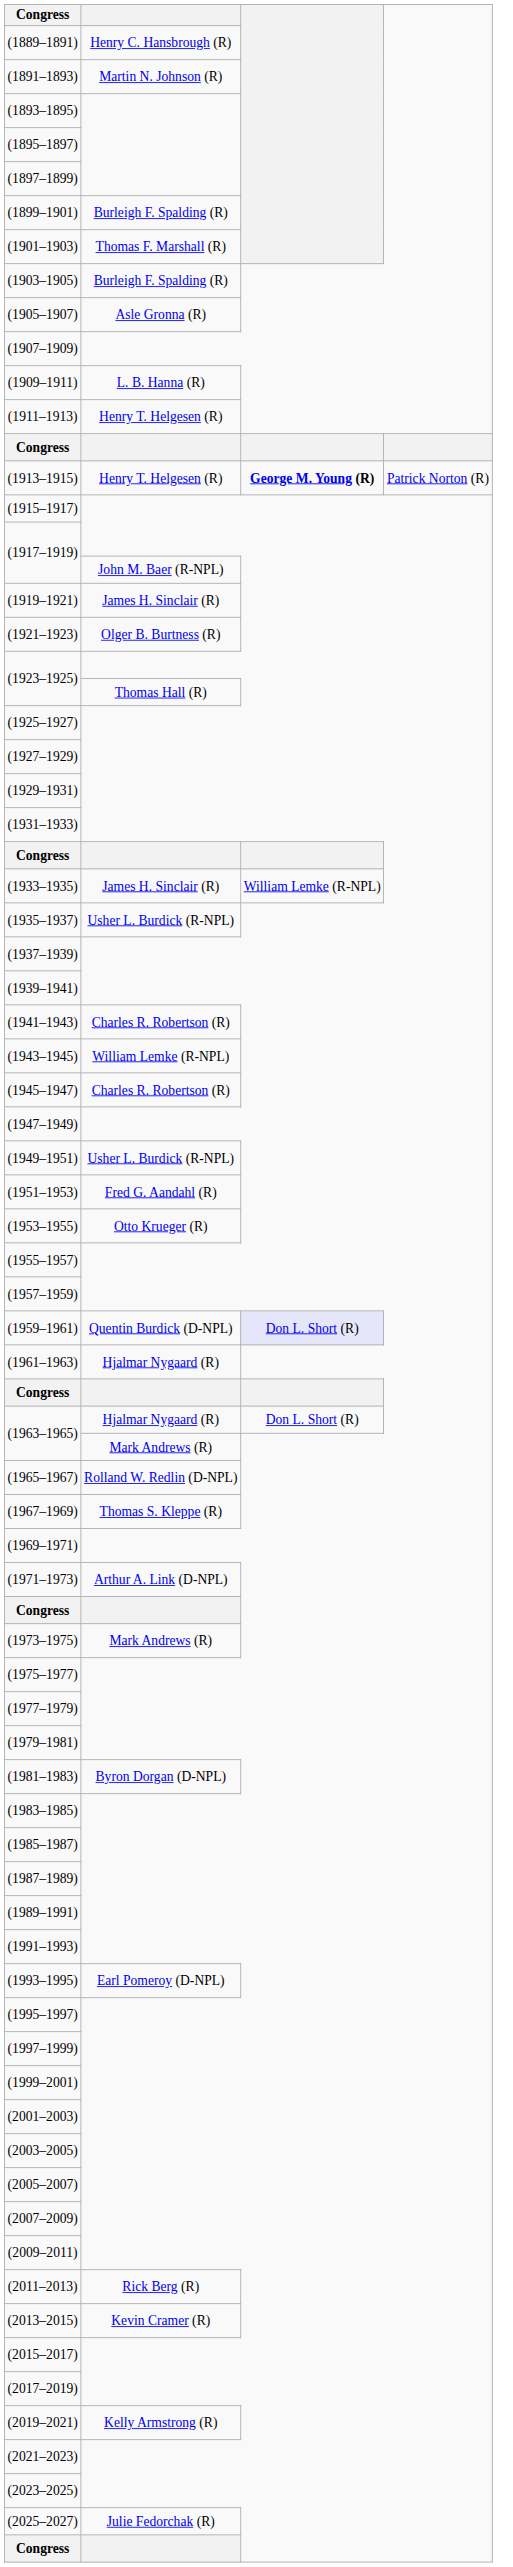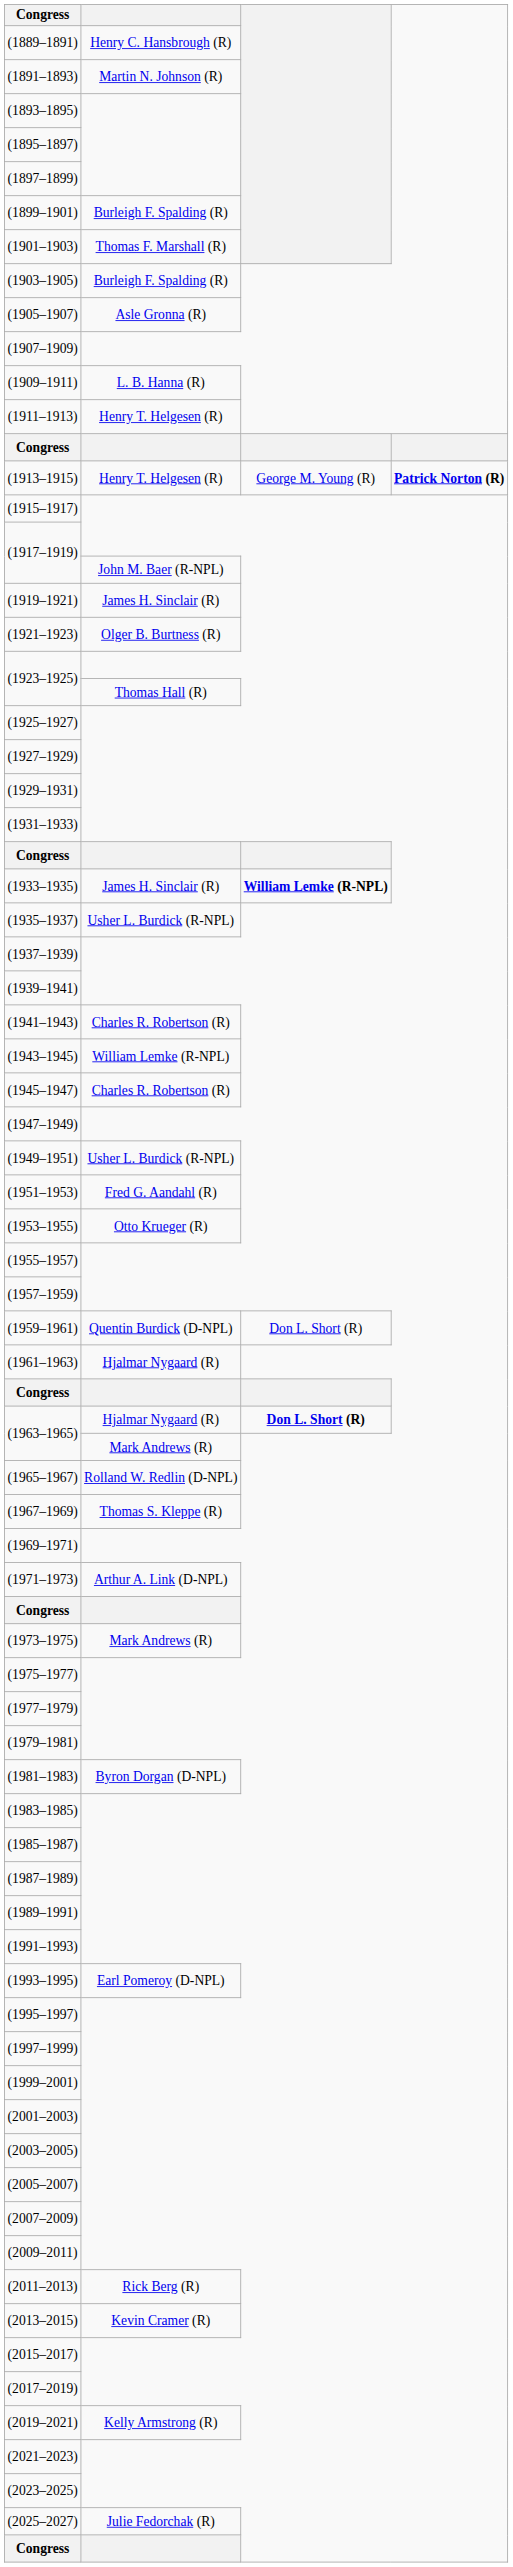 <table class=wikitable style="text-align:center">
 <tr>
 <th>Congress</th>
 <th></th>
 <th valign=bottom rowspan=8></th>
 </tr>
 <tr style="height:2.5em">
 <td><strong></strong> (1889–1891)</td>
 <td><a href='#'>Henry C. Hansbrough</a> (R)</td>
 </tr>
 <tr style="height:2.5em">
 <td><strong></strong> (1891–1893)</td>
 <td><a href='#'>Martin N. Johnson</a> (R)</td>
 </tr>
 <tr style="height:2.5em">
 <td><strong></strong> (1893–1895)</td>
 </tr>
 <tr style="height:2.5em">
 <td><strong></strong> (1895–1897)</td>
 </tr>
 <tr style="height:2.5em">
 <td><strong></strong> (1897–1899)</td>
 </tr>
 <tr style="height:2.5em">
 <td><strong></strong> (1899–1901)</td>
 <td><a href='#'>Burleigh F. Spalding</a> (R)</td>
 </tr>
 <tr style="height:2.5em">
 <td><strong></strong> (1901–1903)</td>
 <td><a href='#'>Thomas F. Marshall</a> (R)</td>
 </tr>
 <tr style="height:2.5em">
 <td><strong></strong> (1903–1905)</td>
 <td><a href='#'>Burleigh F. Spalding</a> (R)</td>
 </tr>
 <tr style="height:2.5em">
 <td><strong></strong> (1905–1907)</td>
 <td><a href='#'>Asle Gronna</a> (R)</td>
 </tr>
 <tr style="height:2.5em">
 <td><strong></strong> (1907–1909)</td>
 </tr>
 <tr style="height:2.5em">
 <td><strong></strong> (1909–1911)</td>
 <td><a href='#'>L. B. Hanna</a> (R)</td>
 </tr>
 <tr style="height:2.5em">
 <td><strong></strong> (1911–1913)</td>
 <td><a href='#'>Henry T. Helgesen</a> (R)</td>
 </tr>
 <tr style="height:2em">
 <th>Congress</th>
 <th></th>
 <th></th>
 <th></th>
 </tr>
 <tr style="height:2.5em">
 <td><strong></strong> (1913–1915)</td>
 <td><a href='#'>Henry T. Helgesen</a> (R)</td>
-<td><strong><a href='#'>George M. Young</a> (R)</strong></td>
-<td><a href='#'>Patrick Norton</a> (R)</td>
+<td><a href='#'>George M. Young</a> (R)</td>
+<td><strong><a href='#'>Patrick Norton</a> (R)</strong></td>
 </tr>
 <tr style="height:2em">
 <td><strong></strong> (1915–1917)</td>
 </tr>
 <tr style="height:2.5em">
 <td rowspan=2><strong></strong> (1917–1919)</td>
 </tr>
 <tr style="height:2em">
 <td><a href='#'>John M. Baer</a> (R-NPL)</td>
 </tr>
 <tr style="height:2.5em">
 <td><strong></strong> (1919–1921)</td>
 <td><a href='#'>James H. Sinclair</a> (R)</td>
 </tr>
 <tr style="height:2.5em">
 <td><strong></strong> (1921–1923)</td>
 <td><a href='#'>Olger B. Burtness</a> (R)</td>
 </tr>
 <tr style="height:2em">
 <td rowspan=2><strong></strong> (1923–1925)</td>
 </tr>
 <tr style="height:2em">
 <td><a href='#'>Thomas Hall</a> (R)</td>
 </tr>
 <tr style="height:2.5em">
 <td><strong></strong> (1925–1927)</td>
 </tr>
 <tr style="height:2.5em">
 <td><strong></strong> (1927–1929)</td>
 </tr>
 <tr style="height:2.5em">
 <td><strong></strong> (1929–1931)</td>
 </tr>
 <tr style="height:2.5em">
 <td><strong></strong> (1931–1933)</td>
 </tr>
 <tr style="height:2em">
 <th>Congress</th>
 <th></th>
 <th></th>
 </tr>
 <tr style="height:2.5em">
 <td><strong></strong> (1933–1935)</td>
 <td><a href='#'>James H. Sinclair</a> (R)</td>
-<td><a href='#'>William Lemke</a> (R-NPL)</td>
+<td><strong><a href='#'>William Lemke</a> (R-NPL)</strong></td>
 </tr>
 <tr style="height:2.5em">
 <td><strong></strong> (1935–1937)</td>
 <td><a href='#'>Usher L. Burdick</a> (R-NPL)</td>
 </tr>
 <tr style="height:2.5em">
 <td><strong></strong> (1937–1939)</td>
 </tr>
 <tr style="height:2.5em">
 <td><strong></strong> (1939–1941)</td>
 </tr>
 <tr style="height:2.5em">
 <td><strong></strong> (1941–1943)</td>
 <td><a href='#'>Charles R. Robertson</a> (R)</td>
 </tr>
 <tr style="height:2.5em">
 <td><strong></strong> (1943–1945)</td>
 <td><a href='#'>William Lemke</a> (R-NPL)</td>
 </tr>
 <tr style="height:2.5em">
 <td><strong></strong> (1945–1947)</td>
 <td><a href='#'>Charles R. Robertson</a> (R)</td>
 </tr>
 <tr style="height:2.5em">
 <td><strong></strong> (1947–1949)</td>
 </tr>
 <tr style="height:2.5em">
 <td><strong></strong> (1949–1951)</td>
 <td><a href='#'>Usher L. Burdick</a> (R-NPL)</td>
 </tr>
 <tr style="height:2.5em">
 <td><strong></strong> (1951–1953)</td>
 <td><a href='#'>Fred G. Aandahl</a> (R)</td>
 </tr>
 <tr style="height:2.5em">
 <td><strong></strong> (1953–1955)</td>
 <td><a href='#'>Otto Krueger</a> (R)</td>
 </tr>
 <tr style="height:2.5em">
 <td><strong></strong> (1955–1957)</td>
 </tr>
 <tr style="height:2.5em">
 <td><strong></strong> (1957–1959)</td>
 </tr>
 <tr style="height:2.5em">
 <td><strong></strong> (1959–1961)</td>
 <td><a href='#'>Quentin Burdick</a> (D-NPL)</td>
-<td style="background: lavender;"><a href='#'>Don L. Short</a> (R)</td>
+<td><a href='#'>Don L. Short</a> (R)</td>
 </tr>
 <tr style="height:2.5em">
 <td><strong></strong> (1961–1963)</td>
 <td><a href='#'>Hjalmar Nygaard</a> (R)</td>
 </tr>
 <tr style="height:2em">
 <th>Congress</th>
 <th></th>
 <th></th>
 </tr>
 <tr style="height:2em">
 <td rowspan=2><strong></strong> (1963–1965)</td>
 <td><a href='#'>Hjalmar Nygaard</a> (R)</td>
-<td><a href='#'>Don L. Short</a> (R)</td>
+<td><strong><a href='#'>Don L. Short</a> (R)</strong></td>
 </tr>
 <tr style="height:2em">
 <td><a href='#'>Mark Andrews</a> (R)</td>
 </tr>
 <tr style="height:2.5em">
 <td><strong></strong> (1965–1967)</td>
 <td><a href='#'>Rolland W. Redlin</a> (D-NPL)</td>
 </tr>
 <tr style="height:2.5em">
 <td><strong></strong> (1967–1969)</td>
 <td><a href='#'>Thomas S. Kleppe</a> (R)</td>
 </tr>
 <tr style="height:2.5em">
 <td><strong></strong> (1969–1971)</td>
 </tr>
 <tr style="height:2.5em">
 <td><strong></strong> (1971–1973)</td>
 <td><a href='#'>Arthur A. Link</a> (D-NPL)</td>
 </tr>
 <tr style="height:2em">
 <th>Congress</th>
 <th></th>
 </tr>
 <tr style="height:2.5em">
 <td><strong></strong> (1973–1975)</td>
 <td><a href='#'>Mark Andrews</a> (R)</td>
 </tr>
 <tr style="height:2.5em">
 <td><strong></strong> (1975–1977)</td>
 </tr>
 <tr style="height:2.5em">
 <td><strong></strong> (1977–1979)</td>
 </tr>
 <tr style="height:2.5em">
 <td><strong></strong> (1979–1981)</td>
 </tr>
 <tr style="height:2.5em">
 <td><strong></strong> (1981–1983)</td>
 <td><a href='#'>Byron Dorgan</a> (D-NPL)</td>
 </tr>
 <tr style="height:2.5em">
 <td><strong></strong> (1983–1985)</td>
 </tr>
 <tr style="height:2.5em">
 <td><strong></strong> (1985–1987)</td>
 </tr>
 <tr style="height:2.5em">
 <td><strong></strong> (1987–1989)</td>
 </tr>
 <tr style="height:2.5em">
 <td><strong></strong> (1989–1991)</td>
 </tr>
 <tr style="height:2.5em">
 <td><strong></strong> (1991–1993)</td>
 </tr>
 <tr style="height:2.5em">
 <td><strong></strong> (1993–1995)</td>
 <td><a href='#'>Earl Pomeroy</a> (D-NPL)</td>
 </tr>
 <tr style="height:2.5em">
 <td><strong></strong> (1995–1997)</td>
 </tr>
 <tr style="height:2.5em">
 <td><strong></strong> (1997–1999)</td>
 </tr>
 <tr style="height:2.5em">
 <td><strong></strong> (1999–2001)</td>
 </tr>
 <tr style="height:2.5em">
 <td><strong></strong> (2001–2003)</td>
 </tr>
 <tr style="height:2.5em">
 <td><strong></strong> (2003–2005)</td>
 </tr>
 <tr style="height:2.5em">
 <td><strong></strong> (2005–2007)</td>
 </tr>
 <tr style="height:2.5em">
 <td><strong></strong> (2007–2009)</td>
 </tr>
 <tr style="height:2.5em">
 <td><strong></strong> (2009–2011)</td>
 </tr>
 <tr style="height:2.5em">
 <td><strong></strong> (2011–2013)</td>
 <td><a href='#'>Rick Berg</a> (R)</td>
 </tr>
 <tr style="height:2.5em">
 <td><strong></strong> (2013–2015)</td>
 <td><a href='#'>Kevin Cramer</a> (R)</td>
 </tr>
 <tr style="height:2.5em">
 <td><strong></strong> (2015–2017)</td>
 </tr>
 <tr style="height:2.5em">
 <td><strong></strong> (2017–2019)</td>
 </tr>
 <tr style="height:2.5em">
 <td><strong></strong> (2019–2021)</td>
 <td><a href='#'>Kelly Armstrong</a> (R)</td>
 </tr>
 <tr style="height:2.5em">
 <td><strong></strong> (2021–2023)</td>
 </tr>
 <tr style="height:2.5em">
 <td><strong></strong> (2023–2025)</td>
 </tr>
 <tr style="height:2em">
 <td><strong></strong> (2025–2027)</td>
 <td><a href='#'>Julie Fedorchak</a> (R)</td>
 </tr>
 <tr style="height:2em">
 <th>Congress</th>
 <th></th>
 </tr>
 </table>
